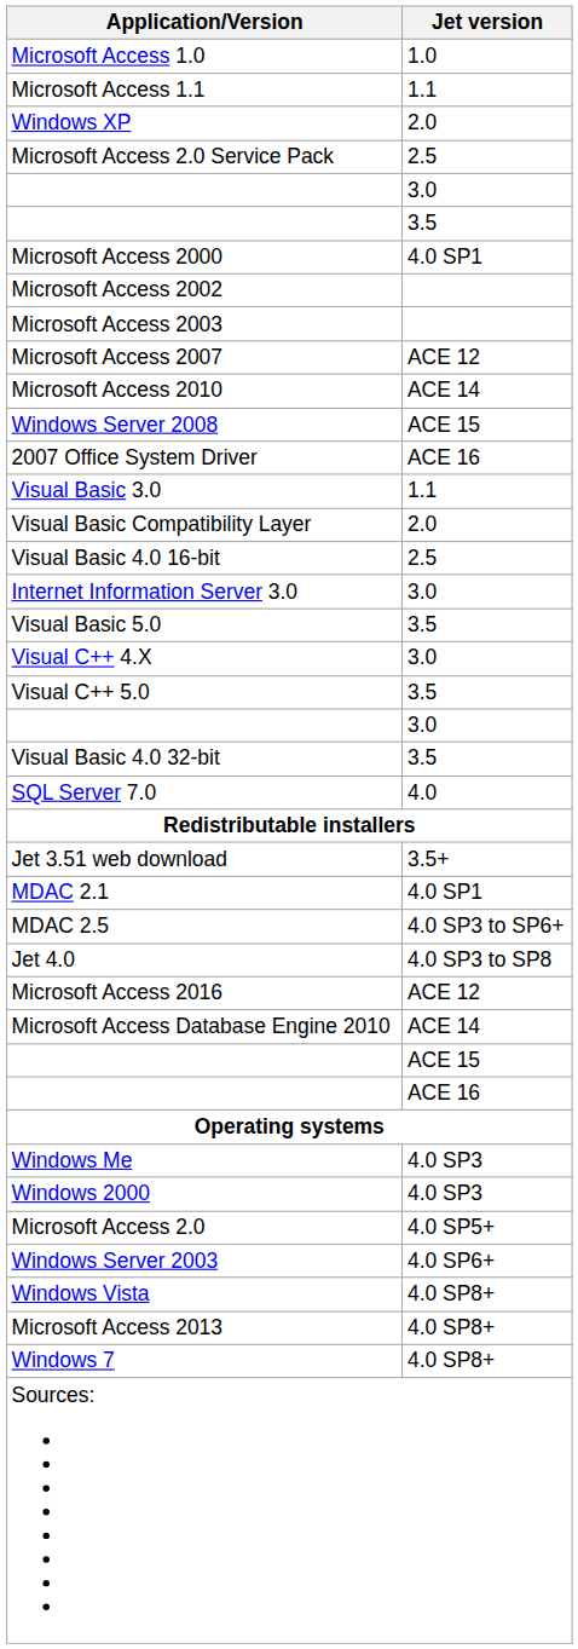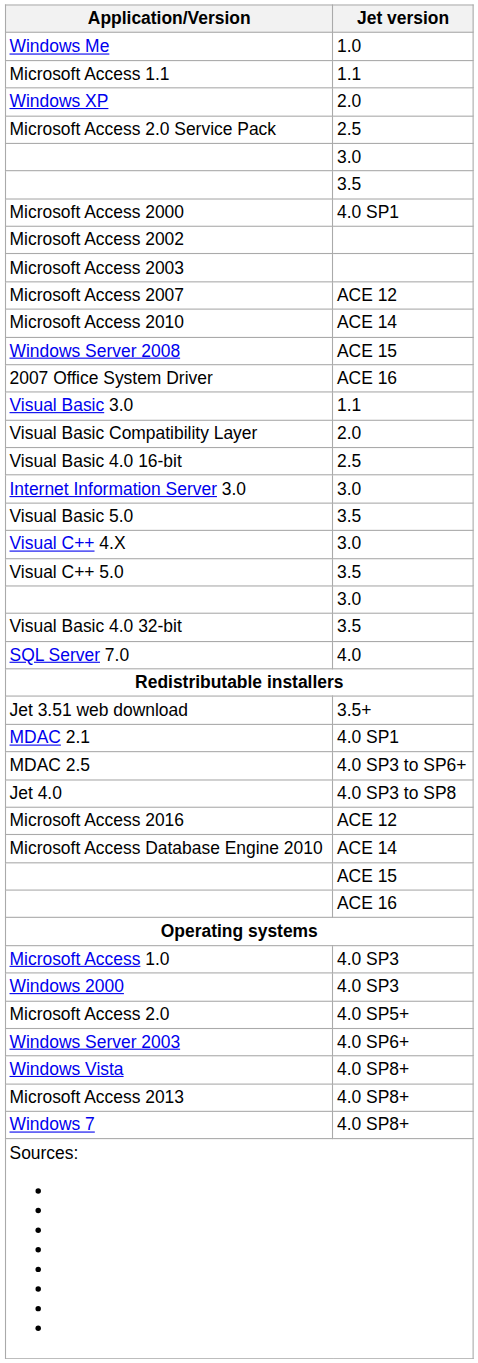 <table class="wikitable floatright" style="width:430px; float: right; background: white;  margin-left: 10px; margin-right: 10px; margin-top: 5px; margin-bottom: 5px;">
 <tr 4>
 <th align=center><strong>Application/Version</strong></th>
 <th align=center><strong>Jet version</strong></th>
 </tr>
 <tr>
-<td><a href='#'>Microsoft Access</a> 1.0</td>
+<td><a href='#'>Windows Me</a></td>
 <td align=left>1.0</td>
 </tr>
 <tr>
 <td>Microsoft Access 1.1</td>
 <td>1.1</td>
 </tr>
 <tr>
 <td><a href='#'>Windows XP</a></td>
 <td>2.0</td>
 </tr>
 <tr>
 <td>Microsoft Access 2.0 Service Pack</td>
 <td>2.5</td>
 </tr>
 <tr>
 <td></td>
 <td>3.0</td>
 </tr>
 <tr>
 <td></td>
 <td>3.5</td>
 </tr>
 <tr>
 <td>Microsoft Access 2000</td>
 <td>4.0 SP1</td>
 </tr>
 <tr>
 <td>Microsoft Access 2002</td>
 <td></td>
 </tr>
 <tr>
 <td>Microsoft Access 2003</td>
 <td></td>
 </tr>
 <tr>
 <td>Microsoft Access 2007</td>
 <td>ACE 12</td>
 </tr>
 <tr>
 <td>Microsoft Access 2010</td>
 <td>ACE 14</td>
 </tr>
 <tr>
 <td><a href='#'>Windows Server 2008</a></td>
 <td>ACE 15</td>
 </tr>
 <tr>
 <td>2007 Office System Driver</td>
 <td>ACE 16</td>
 </tr>
 <tr>
 <td><a href='#'>Visual Basic</a> 3.0</td>
 <td>1.1</td>
 </tr>
 <tr>
 <td>Visual Basic Compatibility Layer</td>
 <td>2.0</td>
 </tr>
 <tr>
 <td>Visual Basic 4.0 16-bit</td>
 <td>2.5</td>
 </tr>
 <tr>
 <td><a href='#'>Internet Information Server</a> 3.0</td>
 <td>3.0</td>
 </tr>
 <tr>
 <td>Visual Basic 5.0</td>
 <td>3.5</td>
 </tr>
 <tr>
 <td><a href='#'>Visual C++</a> 4.X</td>
 <td>3.0</td>
 </tr>
 <tr>
 <td>Visual C++ 5.0</td>
 <td>3.5</td>
 </tr>
 <tr>
 <td></td>
 <td>3.0</td>
 </tr>
 <tr>
 <td>Visual Basic 4.0 32-bit</td>
 <td>3.5</td>
 </tr>
 <tr>
 <td><a href='#'>SQL Server</a> 7.0</td>
 <td>4.0</td>
 </tr>
 <tr>
 <td colspan="2" style="text-align:center;"><strong>Redistributable installers</strong></td>
 </tr>
 <tr>
 <td>Jet 3.51 web download</td>
 <td>3.5+</td>
 </tr>
 <tr>
 <td><a href='#'>MDAC</a> 2.1</td>
 <td>4.0 SP1</td>
 </tr>
 <tr>
 <td>MDAC 2.5</td>
 <td>4.0 SP3 to SP6+</td>
 </tr>
 <tr>
 <td>Jet 4.0</td>
 <td>4.0 SP3 to SP8</td>
 </tr>
 <tr>
 <td>Microsoft Access 2016</td>
 <td>ACE 12</td>
 </tr>
 <tr>
 <td>Microsoft Access Database Engine 2010</td>
 <td>ACE 14</td>
 </tr>
 <tr>
 <td></td>
 <td>ACE 15</td>
 </tr>
 <tr>
 <td></td>
 <td>ACE 16</td>
 </tr>
 <tr>
 <td colspan="2" style="text-align:center;"><strong>Operating systems</strong></td>
 </tr>
 <tr>
-<td><a href='#'>Windows Me</a></td>
+<td><a href='#'>Microsoft Access</a> 1.0</td>
 <td>4.0 SP3</td>
 </tr>
 <tr>
 <td><a href='#'>Windows 2000</a></td>
 <td>4.0 SP3</td>
 </tr>
 <tr>
 <td>Microsoft Access 2.0</td>
 <td>4.0 SP5+</td>
 </tr>
 <tr>
 <td><a href='#'>Windows Server 2003</a></td>
 <td>4.0 SP6+</td>
 </tr>
 <tr>
 <td><a href='#'>Windows Vista</a></td>
 <td>4.0 SP8+</td>
 </tr>
 <tr>
 <td>Microsoft Access 2013</td>
 <td>4.0 SP8+</td>
 </tr>
 <tr>
 <td><a href='#'>Windows 7</a></td>
 <td>4.0 SP8+</td>
 </tr>
 <tr>
 <td style="text-align:left;" colspan="2"><div>Sources:<br><ul><li><span></span></li><li><span></span></li><li><span></span></li><li><span></span></li><li><span></span></li><li><span></span></li><li><span></span></li><li><span></span></li></ul></div></td>
 </tr>
 </table>
